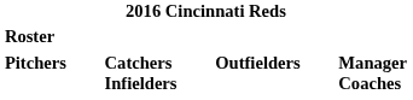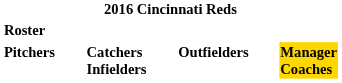 <table class="toccolours" style="font-size: 95%;">
 <tr>
 <th colspan="10">2016 Cincinnati Reds</th>
 </tr>
 <tr>
 <td colspan="10"><strong>Roster</strong></td>
 </tr>
 <tr>
 <td valign="top"><strong>Pitchers</strong><br>                              </td>
 <td width="25px"></td>
 <td valign="top"><strong>Catchers</strong><br>   <strong>Infielders</strong>        </td>
 <td width="25px"></td>
 <td valign="top"><strong>Outfielders</strong><br>         </td>
 <td width="25px"></td>
-<td valign="top"><strong>Manager</strong><br> <strong>Coaches</strong>                   </td>
+<td valign="top" style="background: gold;"><strong>Manager</strong><br> <strong>Coaches</strong>                   </td>
 </tr>
 </table>
